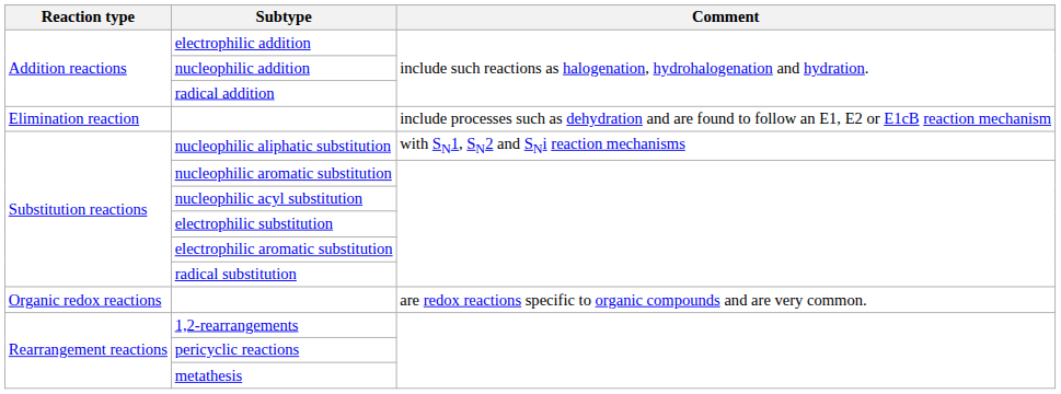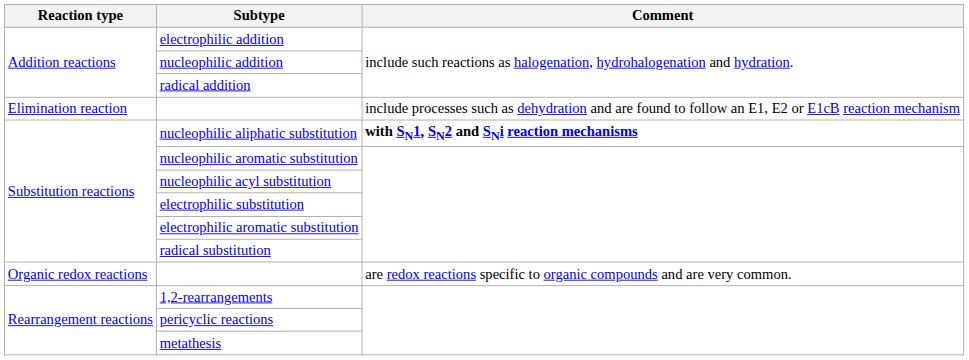 <table class="wikitable" style="background-color:white;float: center; border-collapse: collapse;margin: 0em 0em">
 <tr>
 <th>Reaction type</th>
 <th>Subtype</th>
 <th>Comment</th>
 </tr>
 <tr>
 <td rowspan=3><a href='#'>Addition reactions</a></td>
 <td><a href='#'>electrophilic addition</a></td>
 <td rowspan=3>include such reactions as <a href='#'>halogenation</a>, <a href='#'>hydrohalogenation</a> and <a href='#'>hydration</a>.</td>
 </tr>
 <tr>
 <td valign=top><a href='#'>nucleophilic addition</a></td>
 </tr>
 <tr>
 <td valign=top><a href='#'>radical addition</a></td>
 </tr>
 <tr>
 <td><a href='#'>Elimination reaction</a></td>
 <td></td>
 <td>include processes such as <a href='#'>dehydration</a> and are found to follow an E1, E2 or <a href='#'>E1cB</a> <a href='#'>reaction mechanism</a></td>
 </tr>
 <tr>
 <td rowspan=6><a href='#'>Substitution reactions</a></td>
 <td><a href='#'>nucleophilic aliphatic substitution</a></td>
-<td>with <a href='#'>S<sub>N</sub>1</a>, <a href='#'>S<sub>N</sub>2</a> and <a href='#'>S<sub>N</sub>i</a> <a href='#'>reaction mechanisms</a></td>
+<td><strong>with <a href='#'>S<sub>N</sub>1</a>, <a href='#'>S<sub>N</sub>2</a> and <a href='#'>S<sub>N</sub>i</a> <a href='#'>reaction mechanisms</a></strong></td>
 </tr>
 <tr>
 <td><a href='#'>nucleophilic aromatic substitution</a></td>
 <td rowspan=5></td>
 </tr>
 <tr>
 <td><a href='#'>nucleophilic acyl substitution</a></td>
 </tr>
 <tr>
 <td><a href='#'>electrophilic substitution</a></td>
 </tr>
 <tr>
 <td><a href='#'>electrophilic aromatic substitution</a></td>
 </tr>
 <tr>
 <td><a href='#'>radical substitution</a></td>
 </tr>
 <tr>
 <td><a href='#'>Organic redox reactions</a></td>
 <td></td>
 <td>are <a href='#'>redox reactions</a> specific to <a href='#'>organic compounds</a> and are very common.</td>
 </tr>
 <tr>
 <td rowspan=3><a href='#'>Rearrangement reactions</a></td>
 <td><a href='#'>1,2-rearrangements</a></td>
 <td rowspan=3></td>
 </tr>
 <tr>
 <td><a href='#'>pericyclic reactions</a></td>
 </tr>
 <tr>
 <td><a href='#'>metathesis</a></td>
 </tr>
 </table>
